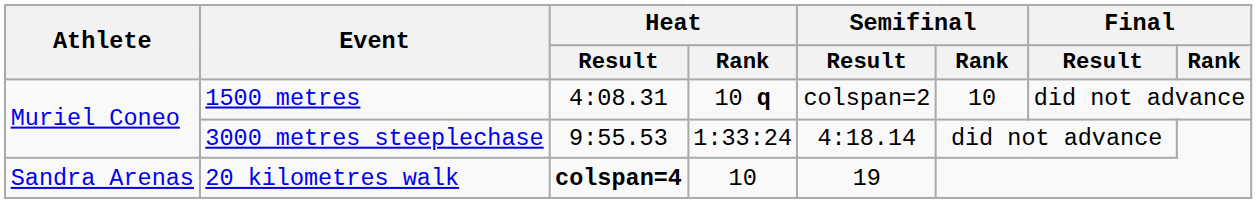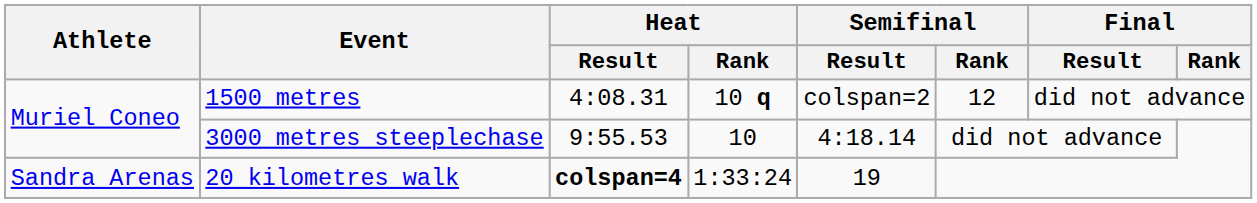 <table class="wikitable" style="font-size:90%">
 <tr>
 <th rowspan="2">Athlete</th>
 <th rowspan="2">Event</th>
 <th colspan="2">Heat</th>
 <th colspan="2">Semifinal</th>
 <th colspan="2">Final</th>
 </tr>
 <tr style="font-size:95%">
 <th>Result</th>
 <th>Rank</th>
 <th>Result</th>
 <th>Rank</th>
 <th>Result</th>
 <th>Rank</th>
 </tr>
 <tr style=text-align:center>
 <td style=text-align:left rowspan=2><a href='#'>Muriel Coneo</a></td>
 <td style=text-align:left><a href='#'>1500 metres</a></td>
 <td>4:08.31 <strong></strong></td>
 <td>10 <strong>q</strong></td>
 <td>colspan=2 </td>
-<td>10</td>
+<td>12</td>
 <td colspan=2>did not advance</td>
 </tr>
 <tr style=text-align:center>
 <td style=text-align:left><a href='#'>3000 metres steeplechase</a></td>
 <td>9:55.53</td>
-<td>1:33:24</td>
+<td>10</td>
 <td>4:18.14</td>
 <td colspan=2>did not advance</td>
 </tr>
 <tr style=text-align:center>
 <td style=text-align:left><a href='#'>Sandra Arenas</a></td>
 <td style=text-align:left><a href='#'>20 kilometres walk</a></td>
 <td><strong>colspan=4 </strong></td>
-<td>10</td>
+<td>1:33:24</td>
 <td>19</td>
 </tr>
 </table>
